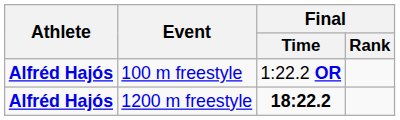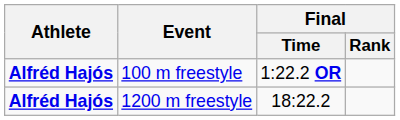 <table class=wikitable style=font-size:90%;text-align:center>
 <tr>
 <th rowspan=2>Athlete</th>
 <th rowspan=2>Event</th>
 <th colspan=2>Final</th>
 </tr>
 <tr style=font-size:95%>
 <th>Time</th>
 <th>Rank</th>
 </tr>
 <tr>
 <td align=left><strong><a href='#'>Alfréd Hajós</a></strong></td>
 <td align=left><a href='#'>100 m freestyle</a></td>
 <td>1:22.2 <a href='#'><strong>OR</strong></a></td>
 <td></td>
 </tr>
 <tr>
 <td align=left><strong><a href='#'>Alfréd Hajós</a></strong></td>
 <td align=left><a href='#'>1200 m freestyle</a></td>
-<td><strong>18:22.2</strong></td>
+<td>18:22.2</td>
 <td></td>
 </tr>
 </table>
